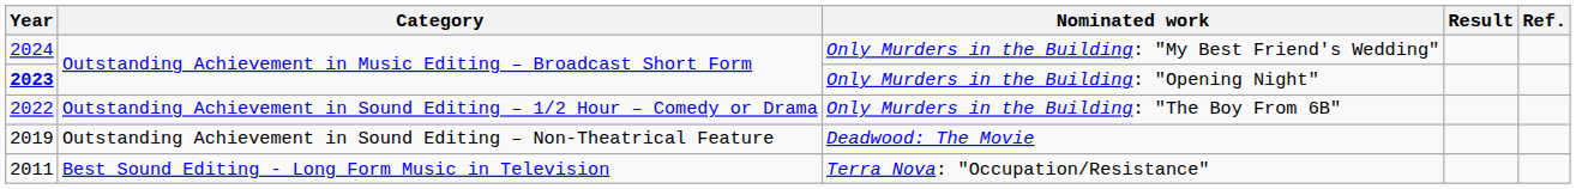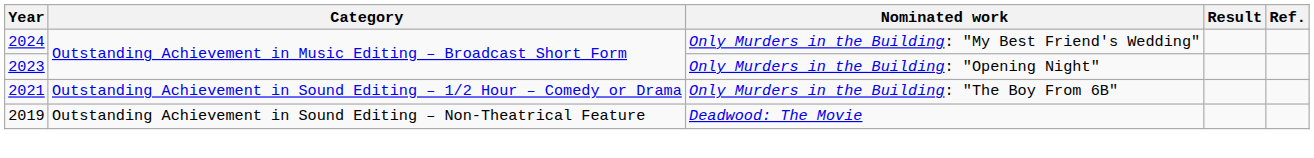 <table class="wikitable">
 <tr>
 <th>Year</th>
 <th>Category</th>
 <th>Nominated work</th>
 <th>Result</th>
 <th>Ref.</th>
 </tr>
 <tr>
 <td><a href='#'>2024</a></td>
 <td rowspan="2"><a href='#'>Outstanding Achievement in Music Editing – Broadcast Short Form</a></td>
 <td><em><a href='#'>Only Murders in the Building</a></em>: "My Best Friend's Wedding"</td>
 <td></td>
 <td></td>
 </tr>
 <tr>
-<td><strong><a href='#'>2023</a></strong></td>
+<td><a href='#'>2023</a></td>
 <td><em><a href='#'>Only Murders in the Building</a></em>: "Opening Night"</td>
 <td></td>
 <td></td>
 </tr>
 <tr>
-<td><a href='#'>2022</a></td>
+<td><a href='#'>2021</a></td>
 <td><a href='#'>Outstanding Achievement in Sound Editing – 1/2 Hour – Comedy or Drama</a></td>
 <td><em><a href='#'>Only Murders in the Building</a></em>: "The Boy From 6B"</td>
 <td></td>
 <td></td>
 </tr>
 <tr>
 <td>2019</td>
 <td>Outstanding Achievement in Sound Editing – Non-Theatrical Feature</td>
 <td><em><a href='#'>Deadwood: The Movie</a></em></td>
 <td></td>
 <td></td>
 </tr>
-<tr>
-<td>2011</td>
-<td><a href='#'>Best Sound Editing - Long Form Music in Television</a></td>
-<td><em><a href='#'>Terra Nova</a></em>: "Occupation/Resistance"</td>
-<td></td>
-<td></td>
-</tr>
 </table>
